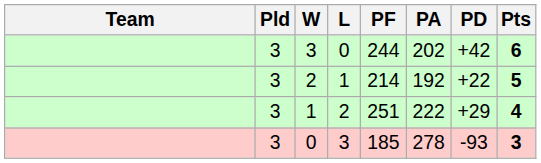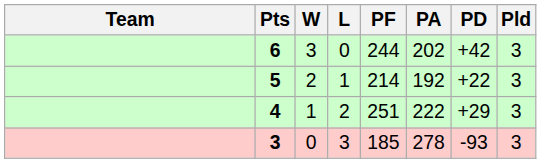 <table class="wikitable" style="text-align:center;">
 <tr>
 <th width=200>Team</th>
-<th width=20>Pld</th>
+<th width=20>Pts</th>
 <th width=20>W</th>
 <th width=20>L</th>
 <th width=30>PF</th>
 <th width=30>PA</th>
 <th width=30>PD</th>
-<th width=20>Pts</th>
+<th width=20>Pld</th>
 </tr>
 <tr bgcolor="#ccffcc">
 <td align=left></td>
-<td>3</td>
+<td><strong>6</strong></td>
 <td>3</td>
 <td>0</td>
 <td>244</td>
 <td>202</td>
 <td>+42</td>
-<td><strong>6</strong></td>
+<td>3</td>
 </tr>
 <tr bgcolor="#ccffcc">
 <td align=left></td>
-<td>3</td>
+<td><strong>5</strong></td>
 <td>2</td>
 <td>1</td>
 <td>214</td>
 <td>192</td>
 <td>+22</td>
-<td><strong>5</strong></td>
+<td>3</td>
 </tr>
 <tr bgcolor="#ccffcc">
 <td align=left></td>
-<td>3</td>
+<td><strong>4</strong></td>
 <td>1</td>
 <td>2</td>
 <td>251</td>
 <td>222</td>
 <td>+29</td>
-<td><strong>4</strong></td>
+<td>3</td>
 </tr>
 <tr bgcolor=#ffcccc>
 <td align=left></td>
-<td>3</td>
+<td><strong>3</strong></td>
 <td>0</td>
 <td>3</td>
 <td>185</td>
 <td>278</td>
 <td>-93</td>
-<td><strong>3</strong></td>
+<td>3</td>
 </tr>
 </table>
